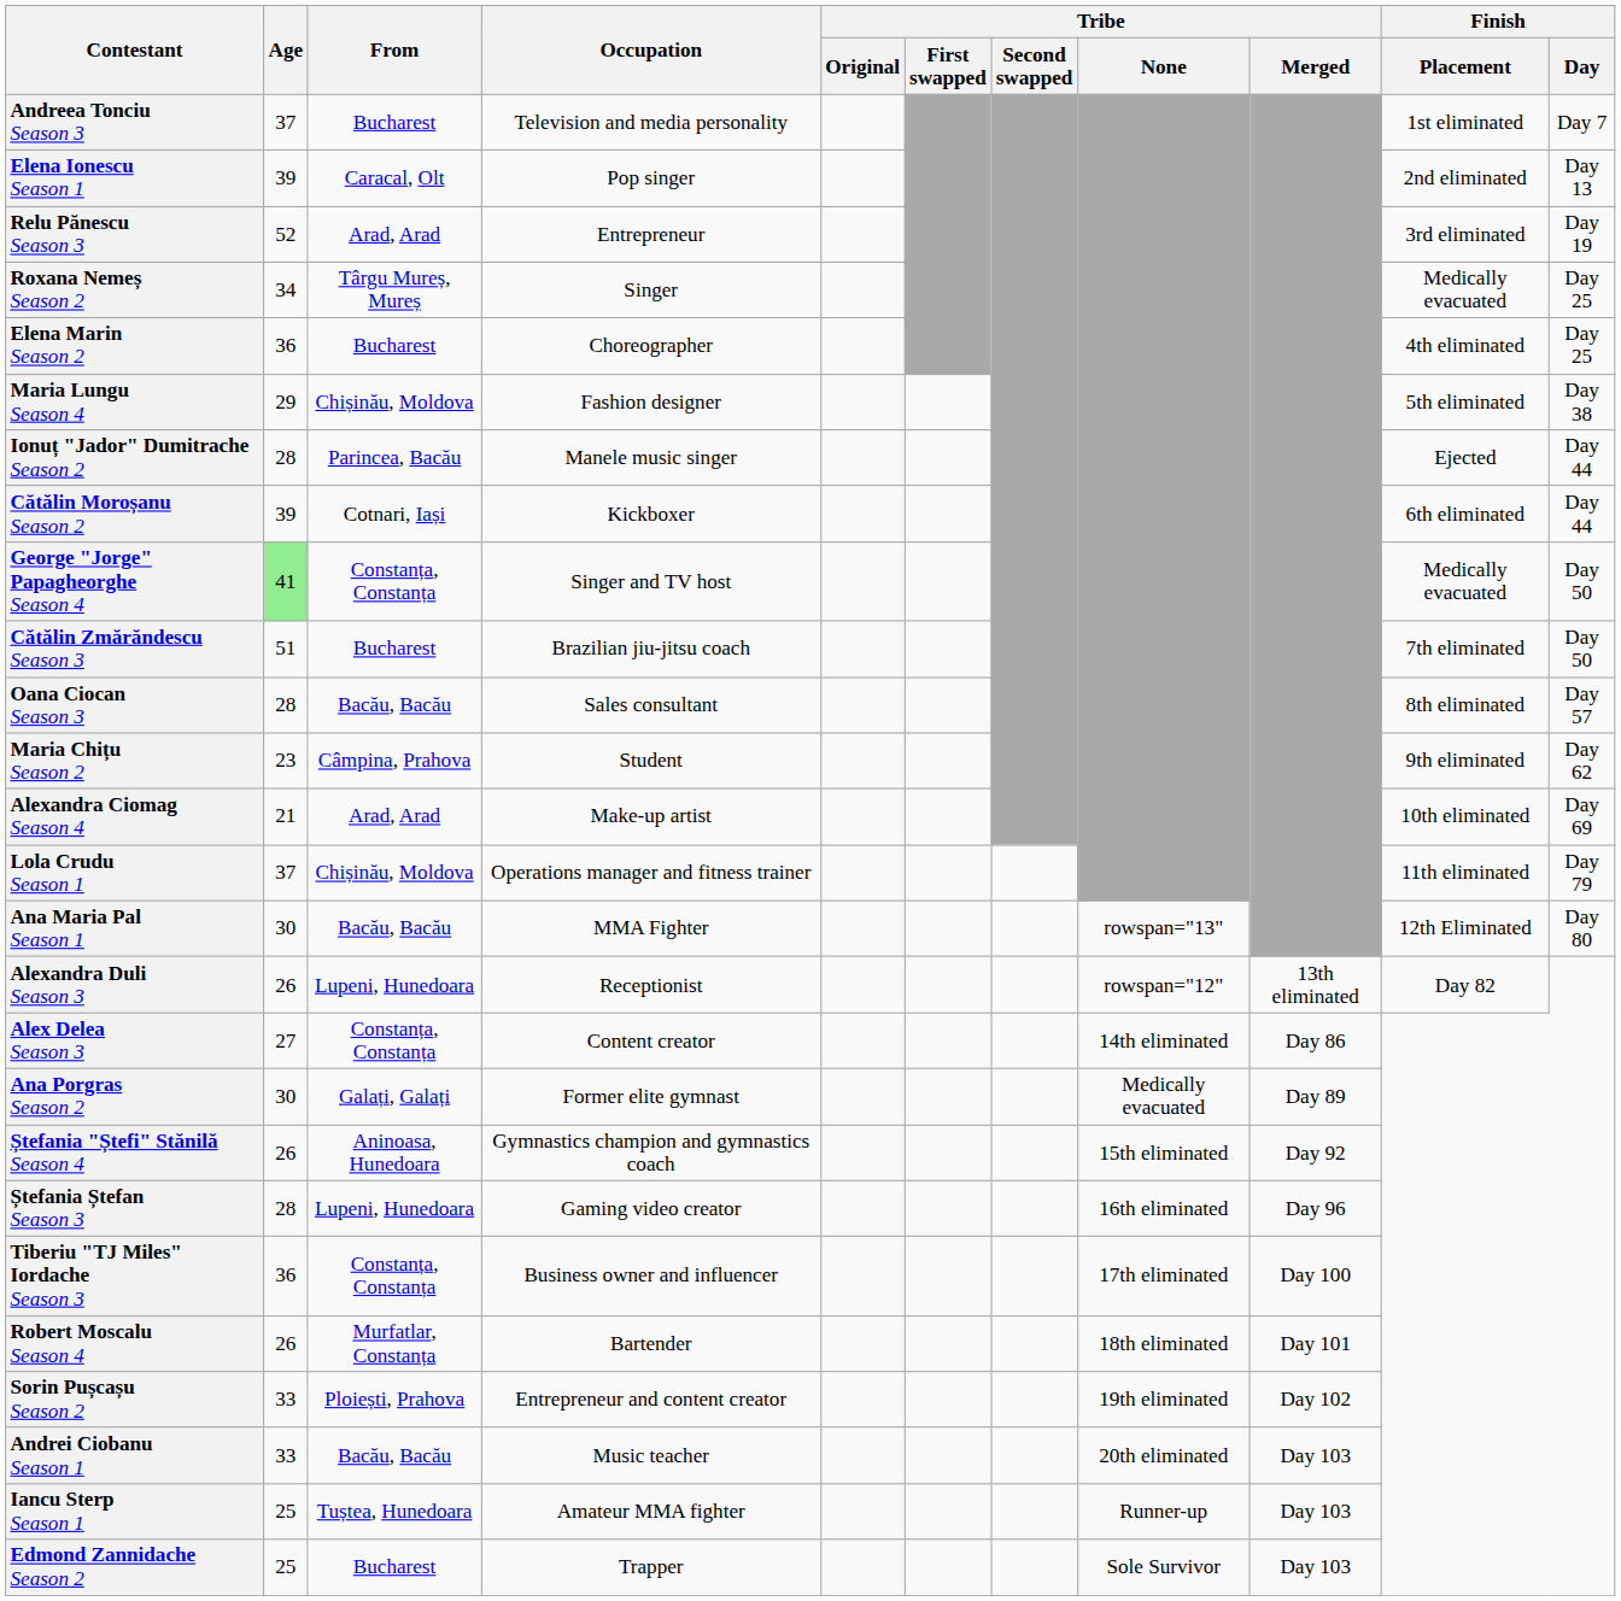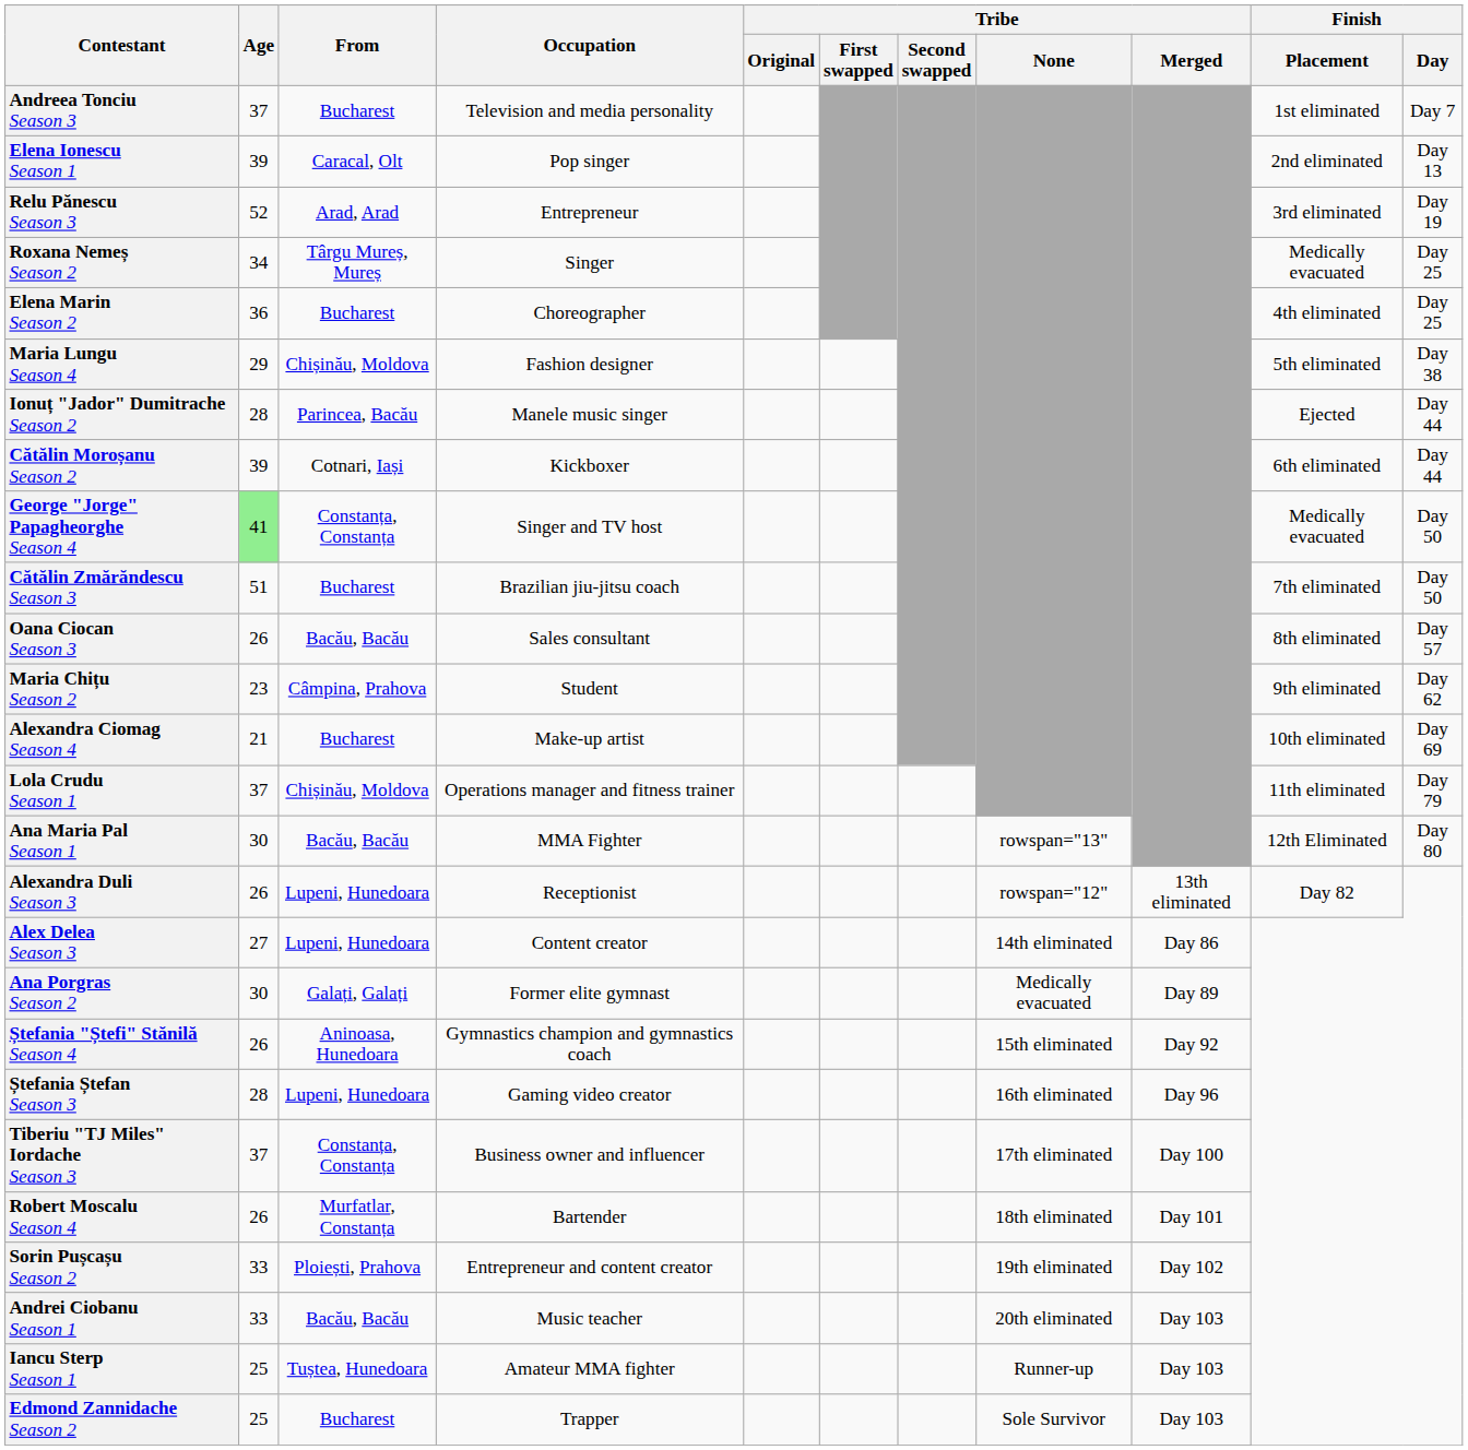 <table class="wikitable sortable" style="text-align:center;">
 <tr>
 <th rowspan="2" scope="col">Contestant</th>
 <th rowspan="2" scope="col">Age</th>
 <th rowspan="2" scope="col">From</th>
 <th rowspan="2" scope="col">Occupation</th>
 <th colspan="5" scope="colgroup">Tribe</th>
 <th colspan="2" scope="colgroup">Finish</th>
 </tr>
 <tr>
 <th scope="col">Original</th>
 <th scope="col">First<br>swapped</th>
 <th scope="col">Second<br>swapped</th>
 <th class="unsortable">None</th>
 <th class="unsortable">Merged</th>
 <th scope="col" class="unsortable">Placement</th>
 <th scope="col" class="unsortable">Day</th>
 </tr>
 <tr>
 <th scope="row" style="text-align:left;font-weight:normal"><strong>Andreea Tonciu</strong><br><em><a href='#'>Season 3</a></em></th>
 <td>37</td>
 <td><a href='#'>Bucharest</a></td>
 <td>Television and media personality</td>
 <td></td>
 <td rowspan="5" style="background:darkgray; border:none"></td>
 <td rowspan="13" style="background:darkgray; border:none"></td>
 <td rowspan="14" style="background:darkgray; border:none"></td>
 <td rowspan="15" style="background:darkgray; border:none"></td>
 <td>1st eliminated</td>
 <td>Day 7</td>
 </tr>
 <tr>
 <th scope="row" style="text-align:left;font-weight:normal"><strong><a href='#'>Elena Ionescu</a></strong><br><em><a href='#'>Season 1</a></em></th>
 <td>39</td>
 <td><a href='#'>Caracal</a>, <a href='#'>Olt</a></td>
 <td>Pop singer</td>
 <td></td>
 <td>2nd eliminated</td>
 <td>Day 13</td>
 </tr>
 <tr>
 <th scope="row" style="text-align:left;font-weight:normal"><strong>Relu Pănescu</strong><br><em><a href='#'>Season 3</a></em></th>
 <td>52</td>
 <td><a href='#'>Arad</a>, <a href='#'>Arad</a></td>
 <td>Entrepreneur</td>
 <td></td>
 <td>3rd eliminated</td>
 <td>Day 19</td>
 </tr>
 <tr>
 <th scope="row" style="text-align:left;font-weight:normal"><strong>Roxana Nemeș</strong><br><em><a href='#'>Season 2</a></em></th>
 <td>34</td>
 <td><a href='#'>Târgu Mureș</a>, <a href='#'>Mureș</a></td>
 <td>Singer</td>
 <td></td>
 <td>Medically evacuated</td>
 <td>Day 25</td>
 </tr>
 <tr>
 <th scope="row" style="text-align:left;font-weight:normal"><strong>Elena Marin</strong><br><em><a href='#'>Season 2</a></em></th>
 <td>36</td>
 <td><a href='#'>Bucharest</a></td>
 <td>Choreographer</td>
 <td></td>
 <td>4th eliminated</td>
 <td>Day 25</td>
 </tr>
 <tr>
 <th scope="row" style="text-align:left;font-weight:normal"><strong>Maria Lungu</strong><br><em><a href='#'>Season 4</a></em></th>
 <td>29</td>
 <td><a href='#'>Chișinău</a>, <a href='#'>Moldova</a></td>
 <td>Fashion designer</td>
 <td></td>
 <td></td>
 <td>5th eliminated</td>
 <td>Day 38</td>
 </tr>
 <tr>
 <th scope="row" style="text-align:left;font-weight:normal"><strong>Ionuț "Jador" Dumitrache</strong><br><em><a href='#'>Season 2</a></em></th>
 <td>28</td>
 <td><a href='#'>Parincea</a>, <a href='#'>Bacău</a></td>
 <td>Manele music singer</td>
 <td></td>
 <td></td>
 <td>Ejected</td>
 <td>Day 44</td>
 </tr>
 <tr>
 <th scope="row" style="text-align:left;font-weight:normal"><strong><a href='#'>Cătălin Moroșanu</a></strong><br><em><a href='#'>Season 2</a></em></th>
 <td>39</td>
 <td>Cotnari, <a href='#'>Iași</a></td>
 <td>Kickboxer</td>
 <td></td>
 <td></td>
 <td>6th eliminated</td>
 <td>Day 44</td>
 </tr>
 <tr>
 <th scope="row" style="text-align:left;font-weight:normal"><strong><a href='#'>George "Jorge" Papagheorghe</a></strong><br><em><a href='#'>Season 4</a></em></th>
 <td style="background: lightgreen;">41</td>
 <td><a href='#'>Constanța</a>, <a href='#'>Constanța</a></td>
 <td>Singer and TV host</td>
 <td></td>
 <td></td>
 <td>Medically evacuated</td>
 <td>Day 50</td>
 </tr>
 <tr>
 <th scope="row" style="text-align:left;font-weight:normal"><strong><a href='#'>Cătălin Zmărăndescu</a></strong><br><em><a href='#'>Season 3</a></em></th>
 <td>51</td>
 <td><a href='#'>Bucharest</a></td>
 <td>Brazilian jiu-jitsu coach</td>
 <td></td>
 <td></td>
 <td>7th eliminated</td>
 <td>Day 50</td>
 </tr>
 <tr>
 <th scope="row" style="text-align:left;font-weight:normal"><strong>Oana Ciocan</strong><br><em><a href='#'>Season 3</a></em></th>
-<td>28</td>
+<td>26</td>
 <td><a href='#'>Bacău</a>, <a href='#'>Bacău</a></td>
 <td>Sales consultant</td>
 <td></td>
 <td></td>
 <td>8th eliminated</td>
 <td>Day 57</td>
 </tr>
 <tr>
 <th scope="row" style="text-align:left;font-weight:normal"><strong>Maria Chițu</strong><br><em><a href='#'>Season 2</a></em></th>
 <td>23</td>
 <td><a href='#'>Câmpina</a>, <a href='#'>Prahova</a></td>
 <td>Student</td>
 <td></td>
 <td></td>
 <td>9th eliminated</td>
 <td>Day 62</td>
 </tr>
 <tr>
 <th scope="row" style="text-align:left;font-weight:normal"><strong>Alexandra Ciomag</strong><br><em><a href='#'>Season 4</a></em></th>
 <td>21</td>
-<td><a href='#'>Arad</a>, <a href='#'>Arad</a></td>
+<td><a href='#'>Bucharest</a></td>
 <td>Make-up artist</td>
 <td></td>
 <td></td>
 <td>10th eliminated</td>
 <td>Day 69</td>
 </tr>
 <tr>
 <th scope="row" style="text-align:left;font-weight:normal"><strong>Lola Crudu</strong><br><em><a href='#'>Season 1</a></em></th>
 <td>37</td>
 <td><a href='#'>Chișinău</a>, <a href='#'>Moldova</a></td>
 <td>Operations manager and fitness trainer</td>
 <td></td>
 <td></td>
 <td></td>
 <td>11th eliminated</td>
 <td>Day 79</td>
 </tr>
 <tr>
 <th scope="row" style="text-align:left;font-weight:normal"><strong>Ana Maria Pal</strong><br><em><a href='#'>Season 1</a></em></th>
 <td>30</td>
 <td><a href='#'>Bacău</a>, <a href='#'>Bacău</a></td>
 <td>MMA Fighter</td>
 <td></td>
 <td></td>
 <td></td>
 <td>rowspan="13" </td>
 <td>12th Eliminated</td>
 <td>Day 80</td>
 </tr>
 <tr>
 <th scope="row" style="text-align:left;font-weight:normal"><strong>Alexandra Duli</strong><br><em><a href='#'>Season 3</a></em></th>
 <td>26</td>
 <td><a href='#'>Lupeni</a>, <a href='#'>Hunedoara</a></td>
 <td>Receptionist</td>
 <td></td>
 <td></td>
 <td></td>
 <td>rowspan="12" </td>
 <td>13th eliminated</td>
 <td>Day 82</td>
 </tr>
 <tr>
 <th scope="row" style="text-align:left;font-weight:normal"><strong><a href='#'>Alex Delea</a></strong><br><em><a href='#'>Season 3</a></em></th>
 <td>27</td>
-<td><a href='#'>Constanța</a>, <a href='#'>Constanța</a></td>
+<td><a href='#'>Lupeni</a>, <a href='#'>Hunedoara</a></td>
 <td>Content creator</td>
 <td></td>
 <td></td>
 <td></td>
 <td>14th eliminated</td>
 <td>Day 86</td>
 </tr>
 <tr>
 <th scope="row" style="text-align:left;font-weight:normal"><strong> <a href='#'>Ana Porgras</a></strong><br><em><a href='#'>Season 2</a></em></th>
 <td>30</td>
 <td><a href='#'>Galați</a>, <a href='#'>Galați</a></td>
 <td>Former elite gymnast</td>
 <td></td>
 <td></td>
 <td></td>
 <td>Medically evacuated</td>
 <td>Day 89</td>
 </tr>
 <tr>
 <th scope="row" style="text-align:left;font-weight:normal"><strong><a href='#'>Ștefania "Ștefi" Stănilă</a></strong><br><em><a href='#'>Season 4</a></em></th>
 <td>26</td>
 <td><a href='#'>Aninoasa</a>, <a href='#'>Hunedoara</a></td>
 <td>Gymnastics champion and gymnastics coach</td>
 <td></td>
 <td></td>
 <td></td>
 <td>15th eliminated</td>
 <td>Day 92</td>
 </tr>
 <tr>
 <th scope="row" style="text-align:left;font-weight:normal"><strong>Ștefania Ștefan</strong><br><em><a href='#'>Season 3</a></em></th>
 <td>28</td>
 <td><a href='#'>Lupeni</a>, <a href='#'>Hunedoara</a></td>
 <td>Gaming video creator</td>
 <td></td>
 <td></td>
 <td></td>
 <td>16th eliminated</td>
 <td>Day 96</td>
 </tr>
 <tr>
 <th scope="row" style="text-align:left;font-weight:normal"><strong>Tiberiu "TJ Miles" Iordache</strong><br><em><a href='#'>Season 3</a></em></th>
-<td>36</td>
+<td>37</td>
 <td><a href='#'>Constanța</a>, <a href='#'>Constanța</a></td>
 <td>Business owner and influencer</td>
 <td></td>
 <td></td>
 <td></td>
 <td>17th eliminated</td>
 <td>Day 100</td>
 </tr>
 <tr>
 <th scope="row" style="text-align:left;font-weight:normal"><strong>Robert Moscalu</strong><br><em><a href='#'>Season 4</a></em></th>
 <td>26</td>
 <td><a href='#'>Murfatlar</a>, <a href='#'>Constanța</a></td>
 <td>Bartender</td>
 <td></td>
 <td></td>
 <td></td>
 <td>18th eliminated</td>
 <td>Day 101</td>
 </tr>
 <tr>
 <th scope="row" style="text-align:left;font-weight:normal"><strong>Sorin Pușcașu</strong><br><em><a href='#'>Season 2</a></em></th>
 <td>33</td>
 <td><a href='#'>Ploiești</a>, <a href='#'>Prahova</a></td>
 <td>Entrepreneur and content creator</td>
 <td></td>
 <td></td>
 <td></td>
 <td>19th eliminated</td>
 <td>Day 102</td>
 </tr>
 <tr>
 <th scope="row" style="text-align:left;font-weight:normal"><strong>Andrei Ciobanu</strong><br><em><a href='#'>Season 1</a></em></th>
 <td>33</td>
 <td><a href='#'>Bacău</a>, <a href='#'>Bacău</a></td>
 <td>Music teacher</td>
 <td></td>
 <td></td>
 <td></td>
 <td>20th eliminated</td>
 <td>Day 103</td>
 </tr>
 <tr>
 <th scope="row" style="text-align:left;font-weight:normal"><strong>Iancu Sterp</strong><br><em><a href='#'>Season 1</a></em></th>
 <td>25</td>
 <td><a href='#'>Tuștea</a>, <a href='#'>Hunedoara</a></td>
 <td>Amateur MMA fighter</td>
 <td></td>
 <td></td>
 <td></td>
 <td>Runner-up</td>
 <td>Day 103</td>
 </tr>
 <tr>
 <th scope="row" style="text-align:left;font-weight:normal"><strong><a href='#'>Edmond Zannidache</a></strong><br><em><a href='#'>Season 2</a></em></th>
 <td>25</td>
 <td><a href='#'>Bucharest</a></td>
 <td>Trapper</td>
 <td></td>
 <td></td>
 <td></td>
 <td>Sole Survivor</td>
 <td>Day 103</td>
 </tr>
 <tr>
 </tr>
 </table>
